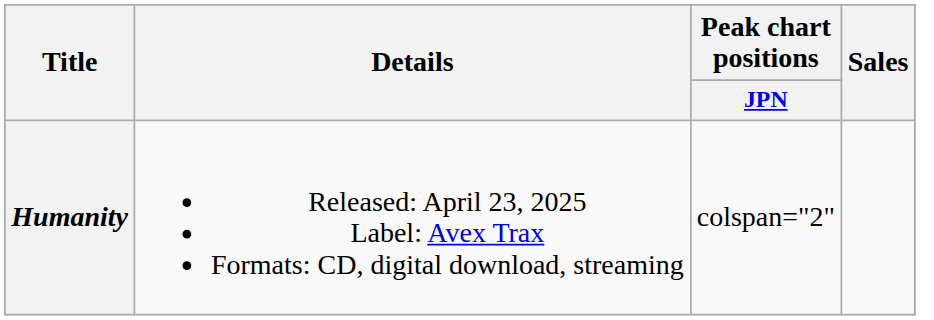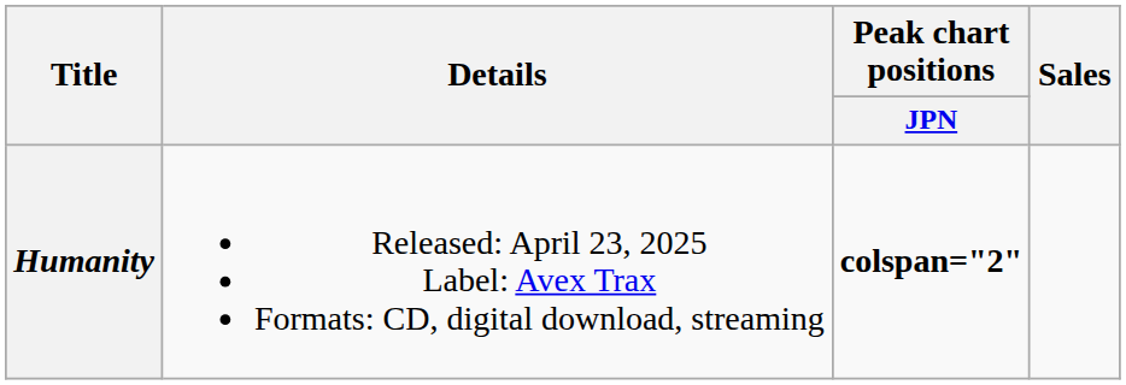 <table class="wikitable plainrowheaders" style="text-align:center">
 <tr>
 <th scope="col" rowspan="2">Title</th>
 <th scope="col" rowspan="2">Details</th>
 <th scope="col" colspan="1">Peak chart positions</th>
 <th scope="col" rowspan="2">Sales</th>
 </tr>
 <tr>
 <th scope="col" style="width:3em;font-size:85%"><a href='#'>JPN</a><br></th>
 </tr>
 <tr>
 <th scope="row"><em>Humanity</em></th>
 <td><br><ul><li>Released: April 23, 2025</li><li>Label: <a href='#'>Avex Trax</a></li><li>Formats: CD, digital download, streaming</li></ul></td>
-<td>colspan="2" </td>
+<td><strong>colspan="2" </strong></td>
 </tr>
 </table>
